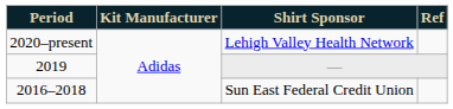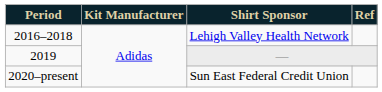 <table class="wikitable" style="text-align:center;margin-left:1em;">
 <tr>
 <th style="background:#09232D; color:#DFD1A7;">Period</th>
 <th style="background:#09232D; color:#DFD1A7;">Kit Manufacturer</th>
 <th style="background:#09232D; color:#DFD1A7;">Shirt Sponsor</th>
 <th style="background:#09232D; color:#DFD1A7;">Ref</th>
 </tr>
 <tr>
-<td>2020–present</td>
+<td>2016–2018</td>
 <td rowspan="3"><a href='#'>Adidas</a></td>
 <td><a href='#'>Lehigh Valley Health Network</a></td>
 <td></td>
 </tr>
 <tr>
 <td>2019</td>
 <td colspan="2" style="background:#ececec; color:gray">—</td>
 </tr>
 <tr>
-<td>2016–2018</td>
+<td>2020–present</td>
 <td>Sun East Federal Credit Union</td>
 <td></td>
 </tr>
 </table>
